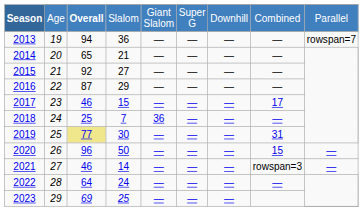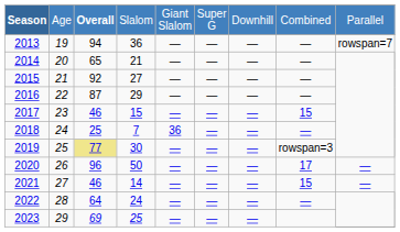 <table class="wikitable" style="font-size:95%; text-align:center; border:grey solid 1px; border-collapse:collapse;" width="40%">
 <tr style="background-color:#369; color:white;">
 <td rowspan="2" colspan="1" width="10%"><strong>Season</strong></td>
 </tr>
 <tr style="background-color:#4180be; color:white;">
 <td width="5%">Age</td>
 <td width="5%"><strong>Overall</strong></td>
 <td width="5%">Slalom</td>
 <td width="5%">Giant<br>Slalom</td>
 <td width="5%">Super G</td>
 <td width="5%">Downhill</td>
 <td width="5%">Combined</td>
 <td width="5%">Parallel</td>
 </tr>
 <tr style="background-color:#8CB2D8; color:white;">
 </tr>
 <tr>
 <td><a href='#'>2013</a></td>
 <td><em>19</em></td>
 <td>94</td>
 <td>36</td>
 <td>—</td>
 <td>—</td>
 <td>—</td>
 <td>—</td>
 <td>rowspan=7 </td>
 </tr>
 <tr>
 <td><a href='#'>2014</a></td>
 <td><em>20</em></td>
 <td>65</td>
 <td>21</td>
 <td>—</td>
 <td>—</td>
 <td>—</td>
 <td>—</td>
 </tr>
 <tr>
 <td><a href='#'>2015</a></td>
 <td><em>21</em></td>
 <td>92</td>
 <td>27</td>
 <td>—</td>
 <td>—</td>
 <td>—</td>
 <td>—</td>
 </tr>
 <tr>
 <td><a href='#'>2016</a></td>
 <td><em>22</em></td>
 <td>87</td>
 <td>29</td>
 <td>—</td>
 <td>—</td>
 <td>—</td>
 <td>—</td>
 </tr>
 <tr>
 <td><a href='#'>2017</a></td>
 <td><em>23</em></td>
 <td><a href='#'>46</a></td>
 <td><a href='#'>15</a></td>
 <td><a href='#'>—</a></td>
 <td><a href='#'>—</a></td>
 <td><a href='#'>—</a></td>
-<td><a href='#'>17</a></td>
+<td><a href='#'>15</a></td>
 </tr>
 <tr>
 <td><a href='#'>2018</a></td>
 <td><em>24</em></td>
 <td><a href='#'>25</a></td>
 <td><a href='#'>7</a></td>
 <td><a href='#'>36</a></td>
 <td><a href='#'>—</a></td>
 <td><a href='#'>—</a></td>
 <td><a href='#'>—</a></td>
 </tr>
 <tr>
 <td><a href='#'>2019</a></td>
 <td><em>25</em></td>
 <td style="background: khaki;"><a href='#'>77</a></td>
 <td><a href='#'>30</a></td>
 <td><a href='#'>—</a></td>
 <td><a href='#'>—</a></td>
 <td><a href='#'>—</a></td>
-<td><a href='#'>31</a></td>
+<td>rowspan=3 </td>
 </tr>
 <tr>
 <td><a href='#'>2020</a></td>
 <td><em>26</em></td>
 <td><a href='#'>96</a></td>
 <td><a href='#'>50</a></td>
 <td><a href='#'>—</a></td>
 <td><a href='#'>—</a></td>
 <td><a href='#'>—</a></td>
-<td><a href='#'>15</a></td>
+<td><a href='#'>17</a></td>
 <td><a href='#'>—</a></td>
 </tr>
 <tr>
 <td><a href='#'>2021</a></td>
 <td><em>27</em></td>
 <td><a href='#'>46</a></td>
 <td><a href='#'>14</a></td>
 <td><a href='#'>—</a></td>
 <td><a href='#'>—</a></td>
 <td><a href='#'>—</a></td>
-<td>rowspan=3 </td>
+<td><a href='#'>15</a></td>
 <td><a href='#'>—</a></td>
 </tr>
 <tr>
 <td><a href='#'>2022</a></td>
 <td><em>28</em></td>
 <td><a href='#'>64</a></td>
 <td><a href='#'>24</a></td>
 <td><a href='#'>—</a></td>
 <td><a href='#'>—</a></td>
 <td><a href='#'>—</a></td>
 <td><a href='#'>—</a></td>
 </tr>
 <tr>
 <td><a href='#'>2023</a></td>
 <td><em>29</em></td>
 <td><em><a href='#'>69</a></em></td>
 <td><em><a href='#'>25</a></em></td>
 <td><a href='#'>—</a></td>
 <td><a href='#'>—</a></td>
 <td><a href='#'>—</a></td>
 <td></td>
 </tr>
 </table>
